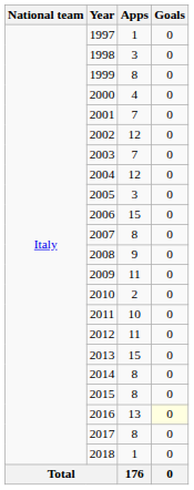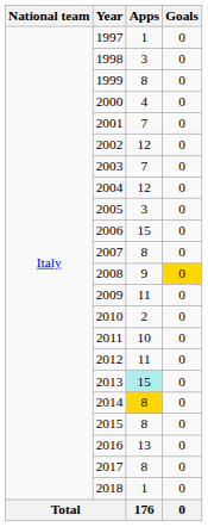 <table class="wikitable" style="text-align:center">
 <tr>
 <th>National team</th>
 <th>Year</th>
 <th>Apps</th>
 <th>Goals</th>
 </tr>
 <tr>
 <td rowspan="22"><a href='#'>Italy</a></td>
 <td>1997</td>
 <td>1</td>
 <td>0</td>
 </tr>
 <tr>
 <td>1998</td>
 <td>3</td>
 <td>0</td>
 </tr>
 <tr>
 <td>1999</td>
 <td>8</td>
 <td>0</td>
 </tr>
 <tr>
 <td>2000</td>
 <td>4</td>
 <td>0</td>
 </tr>
 <tr>
 <td>2001</td>
 <td>7</td>
 <td>0</td>
 </tr>
 <tr>
 <td>2002</td>
 <td>12</td>
 <td>0</td>
 </tr>
 <tr>
 <td>2003</td>
 <td>7</td>
 <td>0</td>
 </tr>
 <tr>
 <td>2004</td>
 <td>12</td>
 <td>0</td>
 </tr>
 <tr>
 <td>2005</td>
 <td>3</td>
 <td>0</td>
 </tr>
 <tr>
 <td>2006</td>
 <td>15</td>
 <td>0</td>
 </tr>
 <tr>
 <td>2007</td>
 <td>8</td>
 <td>0</td>
 </tr>
 <tr>
 <td>2008</td>
 <td>9</td>
-<td>0</td>
+<td style="background: gold;">0</td>
 </tr>
 <tr>
 <td>2009</td>
 <td>11</td>
 <td>0</td>
 </tr>
 <tr>
 <td>2010</td>
 <td>2</td>
 <td>0</td>
 </tr>
 <tr>
 <td>2011</td>
 <td>10</td>
 <td>0</td>
 </tr>
 <tr>
 <td>2012</td>
 <td>11</td>
 <td>0</td>
 </tr>
 <tr>
 <td>2013</td>
-<td>15</td>
+<td style="background: paleturquoise;">15</td>
 <td>0</td>
 </tr>
 <tr>
 <td>2014</td>
-<td>8</td>
+<td style="background: gold;">8</td>
 <td>0</td>
 </tr>
 <tr>
 <td>2015</td>
 <td>8</td>
 <td>0</td>
 </tr>
 <tr>
 <td>2016</td>
 <td>13</td>
-<td style="background: lightyellow;">0</td>
+<td>0</td>
 </tr>
 <tr>
 <td>2017</td>
 <td>8</td>
 <td>0</td>
 </tr>
 <tr>
 <td>2018</td>
 <td>1</td>
 <td>0</td>
 </tr>
 <tr>
 <th colspan="2">Total</th>
 <th>176</th>
 <th>0</th>
 </tr>
 </table>
